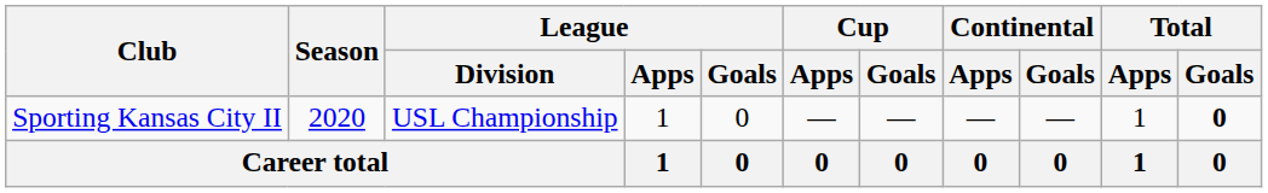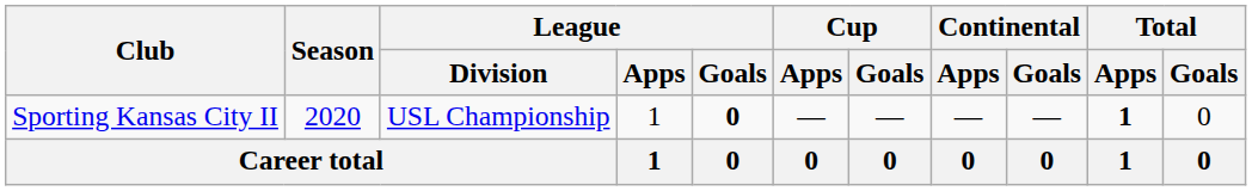 <table class=wikitable style=text-align:center>
 <tr>
 <th rowspan=2>Club</th>
 <th rowspan=2>Season</th>
 <th colspan=3>League</th>
 <th colspan=2>Cup</th>
 <th colspan=2>Continental</th>
 <th colspan=2>Total</th>
 </tr>
 <tr>
 <th>Division</th>
 <th>Apps</th>
 <th>Goals</th>
 <th>Apps</th>
 <th>Goals</th>
 <th>Apps</th>
 <th>Goals</th>
 <th>Apps</th>
 <th>Goals</th>
 </tr>
 <tr>
 <td rowspan=1><a href='#'>Sporting Kansas City II</a></td>
 <td><a href='#'>2020</a></td>
 <td><a href='#'>USL Championship</a></td>
 <td>1</td>
-<td>0</td>
+<td><strong>0</strong></td>
 <td>—</td>
 <td>—</td>
 <td>—</td>
 <td>—</td>
-<td>1</td>
-<td><strong>0</strong></td>
+<td><strong>1</strong></td>
+<td>0</td>
 </tr>
 <tr>
 <th colspan=3>Career total</th>
 <th>1</th>
 <th>0</th>
 <th>0</th>
 <th>0</th>
 <th>0</th>
 <th>0</th>
 <th>1</th>
 <th>0</th>
 </tr>
 </table>
